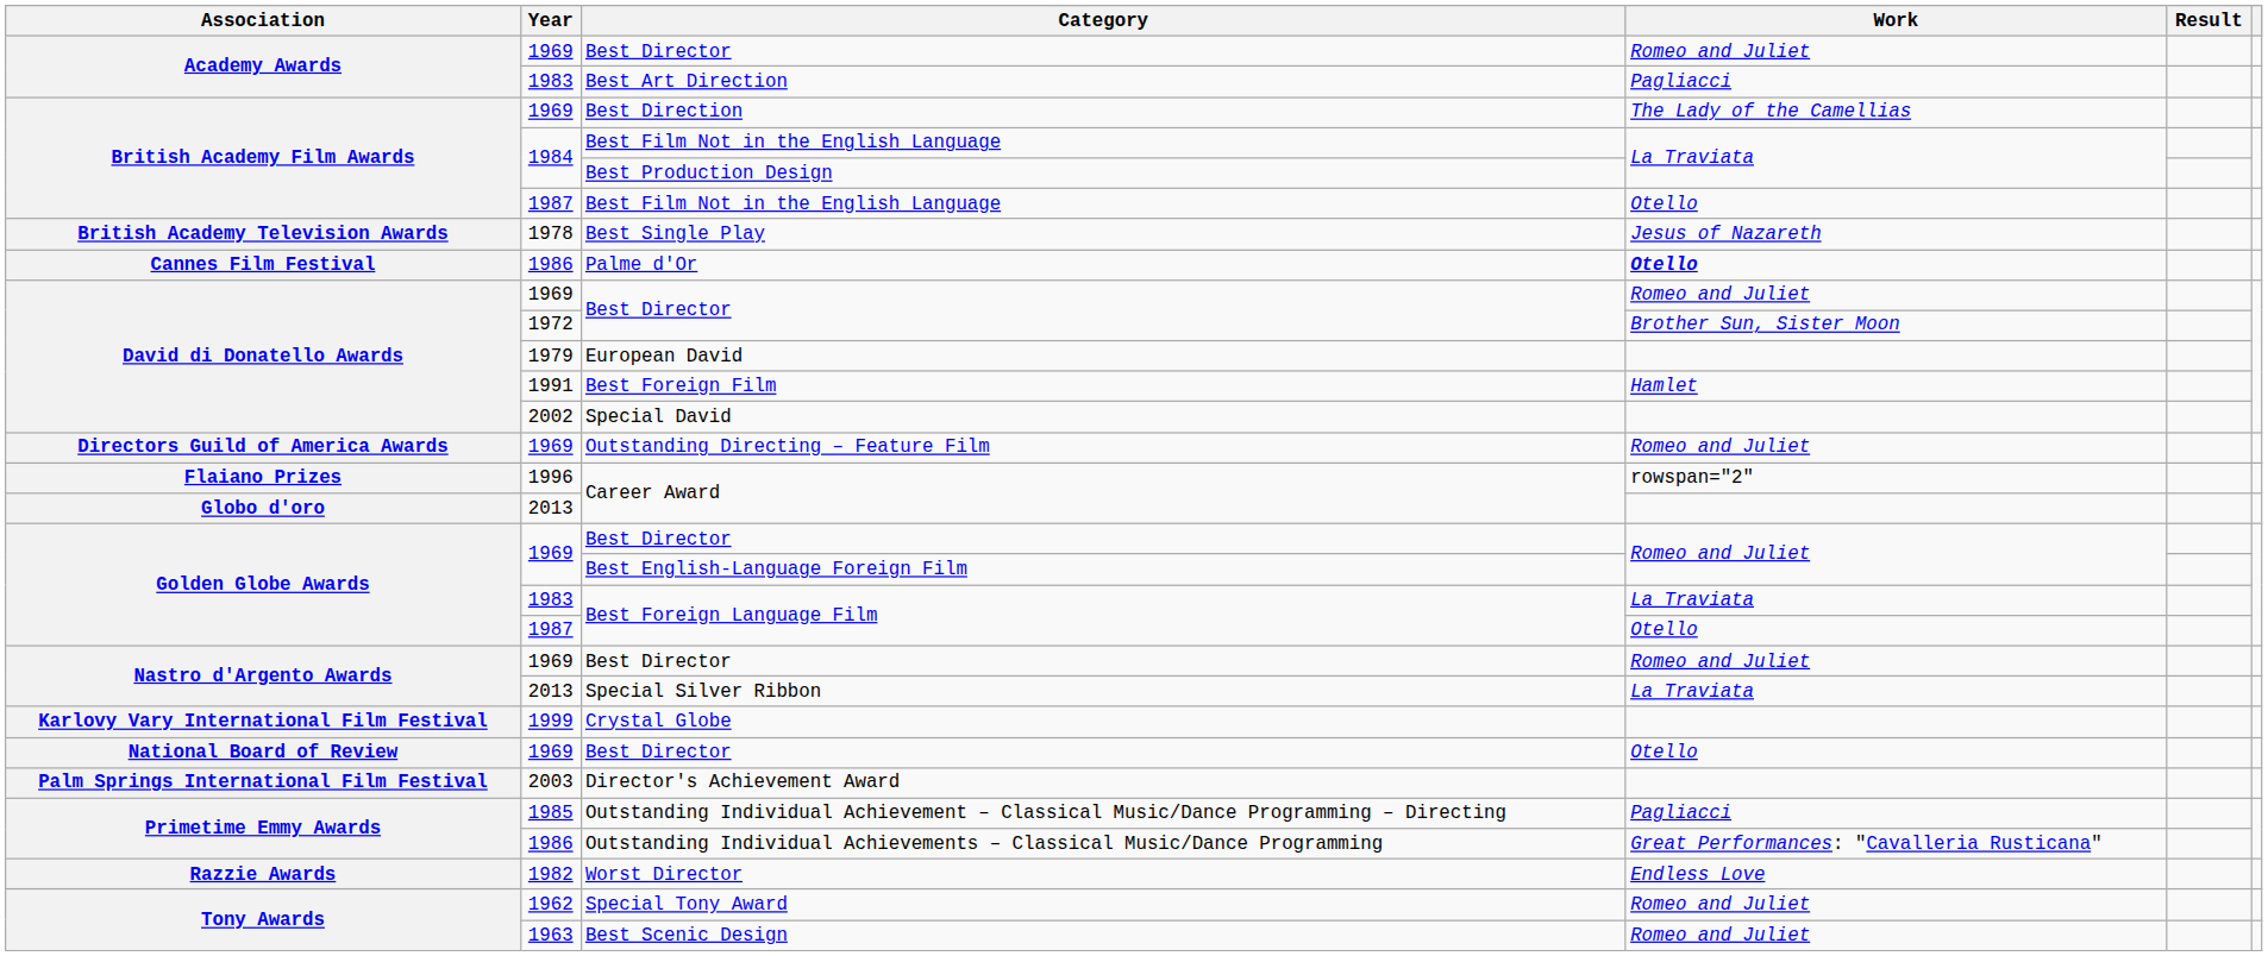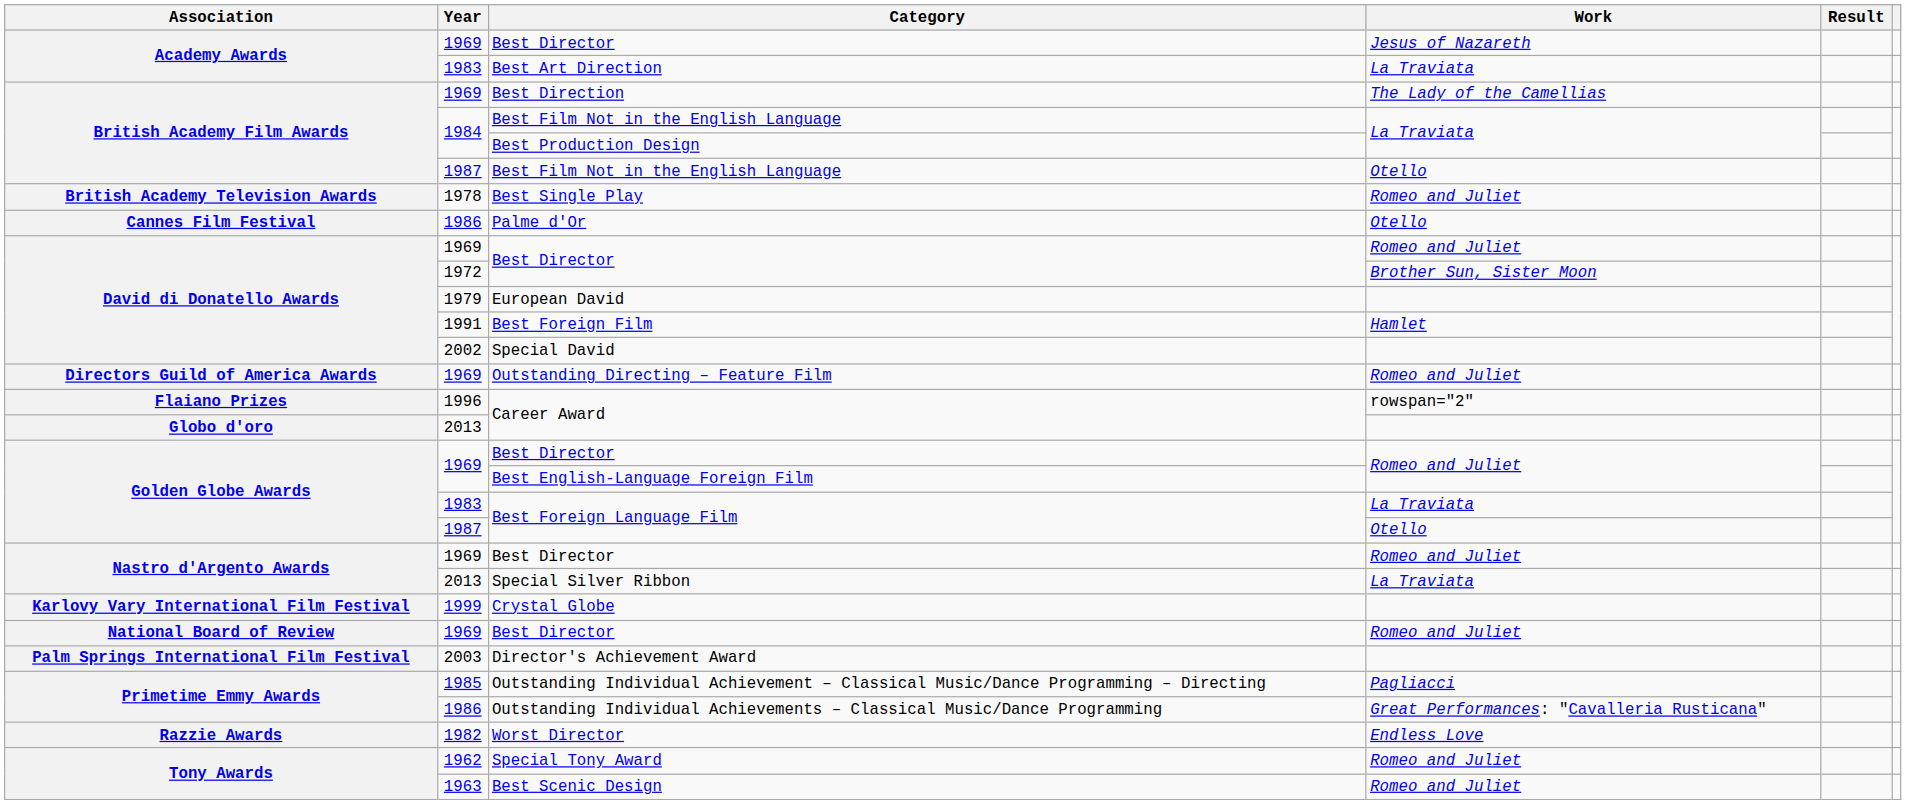 <table class="wikitable sortable plainrowheaders" style="width: 99%;">
 <tr style="background:#ccc; text-align:center;">
 <th scope="col">Association</th>
 <th scope="col">Year</th>
 <th scope="col">Category</th>
 <th scope="col">Work</th>
 <th scope="col">Result</th>
 <th scope="col" class="unsortable"></th>
 </tr>
 <tr>
 <th scope="row" rowspan="2"><a href='#'>Academy Awards</a></th>
 <td style="text-align:center;"><a href='#'>1969</a></td>
 <td><a href='#'>Best Director</a></td>
-<td><em><a href='#'>Romeo and Juliet</a></em></td>
+<td><em><a href='#'>Jesus of Nazareth</a></em></td>
 <td></td>
 <td style="text-align:center;"></td>
 </tr>
 <tr>
 <td style="text-align:center;"><a href='#'>1983</a></td>
 <td><a href='#'>Best Art Direction</a></td>
-<td><em><a href='#'>Pagliacci</a></em></td>
+<td><em><a href='#'>La Traviata</a></em></td>
 <td></td>
 <td style="text-align:center;"></td>
 </tr>
 <tr>
 <th scope="row" rowspan="4"><a href='#'>British Academy Film Awards</a></th>
 <td style="text-align:center;"><a href='#'>1969</a></td>
 <td><a href='#'>Best Direction</a></td>
 <td><em><a href='#'>The Lady of the Camellias</a></em></td>
 <td></td>
 <td style="text-align:center;"></td>
 </tr>
 <tr>
 <td style="text-align:center;" rowspan="2"><a href='#'>1984</a></td>
 <td><a href='#'>Best Film Not in the English Language</a></td>
 <td rowspan="2"><em><a href='#'>La Traviata</a></em></td>
 <td></td>
 <td style="text-align:center;" rowspan="2"></td>
 </tr>
 <tr>
 <td><a href='#'>Best Production Design</a></td>
 <td></td>
 </tr>
 <tr>
 <td style="text-align:center;"><a href='#'>1987</a></td>
 <td><a href='#'>Best Film Not in the English Language</a></td>
 <td><em><a href='#'>Otello</a></em></td>
 <td></td>
 <td style="text-align:center;"></td>
 </tr>
 <tr>
 <th scope="row"><a href='#'>British Academy Television Awards</a></th>
 <td style="text-align:center;">1978</td>
 <td><a href='#'>Best Single Play</a></td>
-<td><em><a href='#'>Jesus of Nazareth</a></em></td>
+<td><em><a href='#'>Romeo and Juliet</a></em></td>
 <td></td>
 <td style="text-align:center;"></td>
 </tr>
 <tr>
 <th scope="row"><a href='#'>Cannes Film Festival</a></th>
 <td style="text-align:center;"><a href='#'>1986</a></td>
 <td><a href='#'>Palme d'Or</a></td>
-<td><strong><em><a href='#'>Otello</a></em></strong></td>
+<td><em><a href='#'>Otello</a></em></td>
 <td></td>
 <td style="text-align:center;"></td>
 </tr>
 <tr>
 <th scope="row" rowspan="5"><a href='#'>David di Donatello Awards</a></th>
 <td style="text-align:center;">1969</td>
 <td rowspan="2"><a href='#'>Best Director</a></td>
 <td><em><a href='#'>Romeo and Juliet</a></em></td>
 <td></td>
 <td style="text-align:center;" rowspan="5"></td>
 </tr>
 <tr>
 <td style="text-align:center;">1972</td>
 <td><em><a href='#'>Brother Sun, Sister Moon</a></em></td>
 <td></td>
 </tr>
 <tr>
 <td style="text-align:center;">1979</td>
 <td>European David</td>
 <td></td>
 <td></td>
 </tr>
 <tr>
 <td style="text-align:center;">1991</td>
 <td><a href='#'>Best Foreign Film</a></td>
 <td><em><a href='#'>Hamlet</a></em></td>
 <td></td>
 </tr>
 <tr>
 <td style="text-align:center;">2002</td>
 <td>Special David</td>
 <td></td>
 <td></td>
 </tr>
 <tr>
 <th scope="row"><a href='#'>Directors Guild of America Awards</a></th>
 <td style="text-align:center;"><a href='#'>1969</a></td>
 <td><a href='#'>Outstanding Directing – Feature Film</a></td>
 <td><em><a href='#'>Romeo and Juliet</a></em></td>
 <td></td>
 <td style="text-align:center;"></td>
 </tr>
 <tr>
 <th scope="row"><a href='#'>Flaiano Prizes</a></th>
 <td style="text-align:center;">1996</td>
 <td rowspan="2">Career Award</td>
 <td>rowspan="2" </td>
 <td></td>
 <td style="text-align:center;"></td>
 </tr>
 <tr>
 <th scope="row"><a href='#'>Globo d'oro</a></th>
 <td style="text-align:center;">2013</td>
 <td></td>
 <td style="text-align:center;"></td>
 </tr>
 <tr>
 <th scope="row" rowspan="4"><a href='#'>Golden Globe Awards</a></th>
 <td style="text-align:center;" rowspan="2"><a href='#'>1969</a></td>
 <td><a href='#'>Best Director</a></td>
 <td rowspan="2"><em><a href='#'>Romeo and Juliet</a></em></td>
 <td></td>
 <td style="text-align:center;" rowspan="4"></td>
 </tr>
 <tr>
 <td><a href='#'>Best English-Language Foreign Film</a></td>
 <td></td>
 </tr>
 <tr>
 <td style="text-align:center;"><a href='#'>1983</a></td>
 <td rowspan="2"><a href='#'>Best Foreign Language Film</a></td>
 <td><em><a href='#'>La Traviata</a></em></td>
 <td></td>
 </tr>
 <tr>
 <td style="text-align:center;"><a href='#'>1987</a></td>
 <td><em><a href='#'>Otello</a></em></td>
 <td></td>
 </tr>
 <tr>
 <th scope="row" rowspan="2"><a href='#'>Nastro d'Argento Awards</a></th>
 <td style="text-align:center;">1969</td>
 <td>Best Director</td>
 <td><em><a href='#'>Romeo and Juliet</a></em></td>
 <td></td>
 <td style="text-align:center;"></td>
 </tr>
 <tr>
 <td style="text-align:center;">2013</td>
 <td>Special Silver Ribbon</td>
 <td><em><a href='#'>La Traviata</a></em></td>
 <td></td>
 <td style="text-align:center;"></td>
 </tr>
 <tr>
 <th scope="row"><a href='#'>Karlovy Vary International Film Festival</a></th>
 <td style="text-align:center;"><a href='#'>1999</a></td>
 <td><a href='#'>Crystal Globe</a></td>
 <td></td>
 <td style="text-align:center;"></td>
 </tr>
 <tr>
 <th scope="row"><a href='#'>National Board of Review</a></th>
 <td style="text-align:center;"><a href='#'>1969</a></td>
 <td><a href='#'>Best Director</a></td>
-<td><em><a href='#'>Otello</a></em></td>
+<td><em><a href='#'>Romeo and Juliet</a></em></td>
 <td></td>
 <td style="text-align:center;"></td>
 </tr>
 <tr>
 <th scope="row"><a href='#'>Palm Springs International Film Festival</a></th>
 <td style="text-align:center;">2003</td>
 <td>Director's Achievement Award</td>
 <td></td>
 <td></td>
 <td style="text-align:center;"></td>
 </tr>
 <tr>
 <th scope="row" rowspan="2"><a href='#'>Primetime Emmy Awards</a></th>
 <td style="text-align:center;"><a href='#'>1985</a></td>
 <td>Outstanding Individual Achievement – Classical Music/Dance Programming – Directing</td>
 <td><em><a href='#'>Pagliacci</a></em></td>
 <td></td>
 <td style="text-align:center;" rowspan="2"></td>
 </tr>
 <tr>
 <td style="text-align:center;"><a href='#'>1986</a></td>
 <td>Outstanding Individual Achievements – Classical Music/Dance Programming</td>
 <td><em><a href='#'>Great Performances</a></em>: "<a href='#'>Cavalleria Rusticana</a>"</td>
 <td></td>
 </tr>
 <tr>
 <th scope="row"><a href='#'>Razzie Awards</a></th>
 <td style="text-align:center;"><a href='#'>1982</a></td>
 <td><a href='#'>Worst Director</a></td>
 <td><em><a href='#'>Endless Love</a></em></td>
 <td></td>
 <td style="text-align:center;"></td>
 </tr>
 <tr>
 <th scope="row" rowspan="2"><a href='#'>Tony Awards</a></th>
 <td style="text-align:center;"><a href='#'>1962</a></td>
 <td><a href='#'>Special Tony Award</a></td>
 <td><em><a href='#'>Romeo and Juliet</a></em></td>
 <td></td>
 <td style="text-align:center;"></td>
 </tr>
 <tr>
 <td style="text-align:center;"><a href='#'>1963</a></td>
 <td><a href='#'>Best Scenic Design</a></td>
 <td><em><a href='#'>Romeo and Juliet</a></em></td>
 <td></td>
 <td style="text-align:center;"></td>
 </tr>
 </table>
